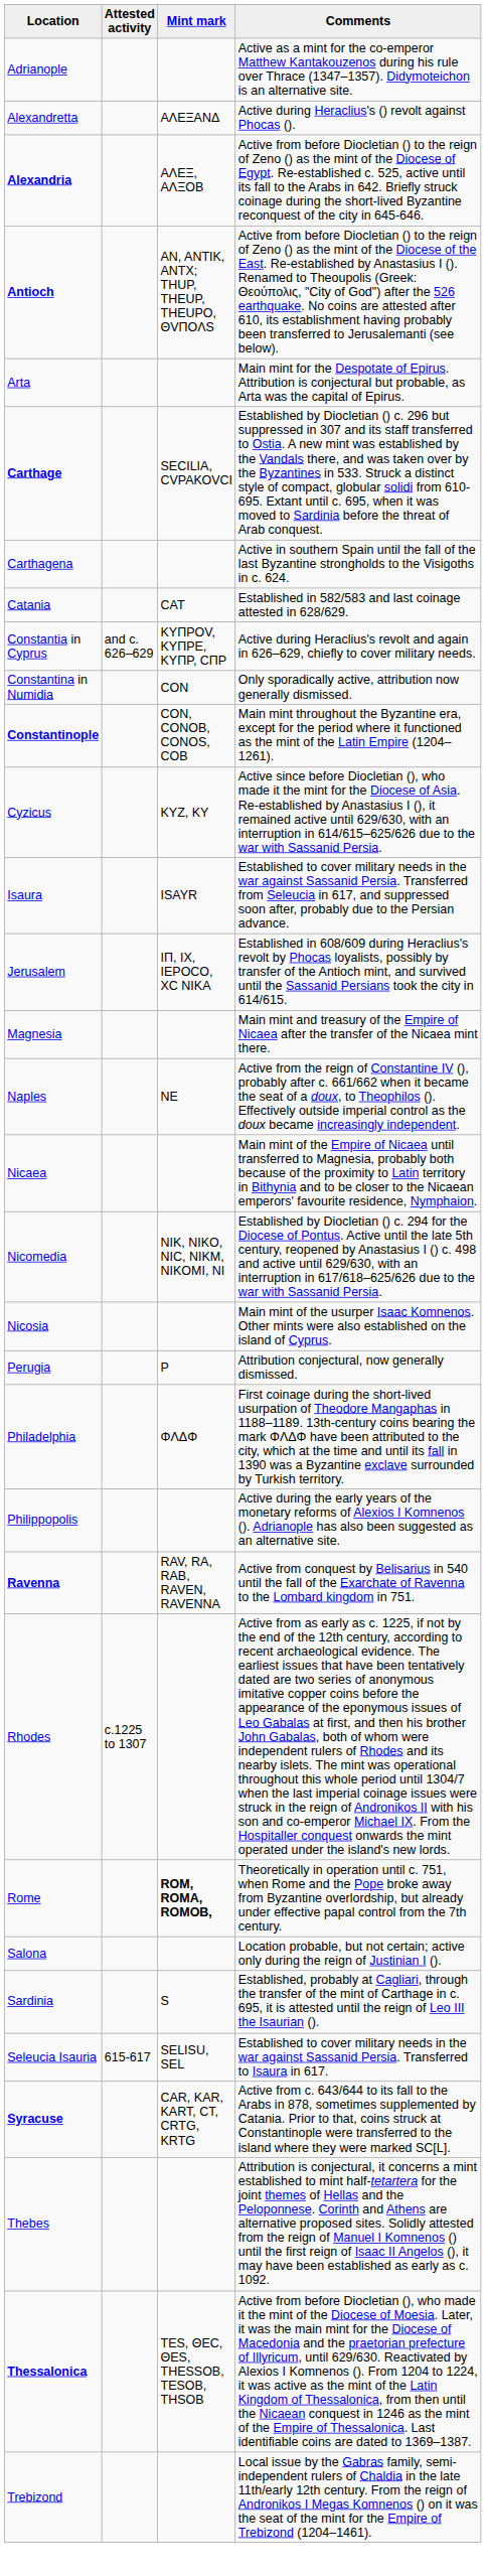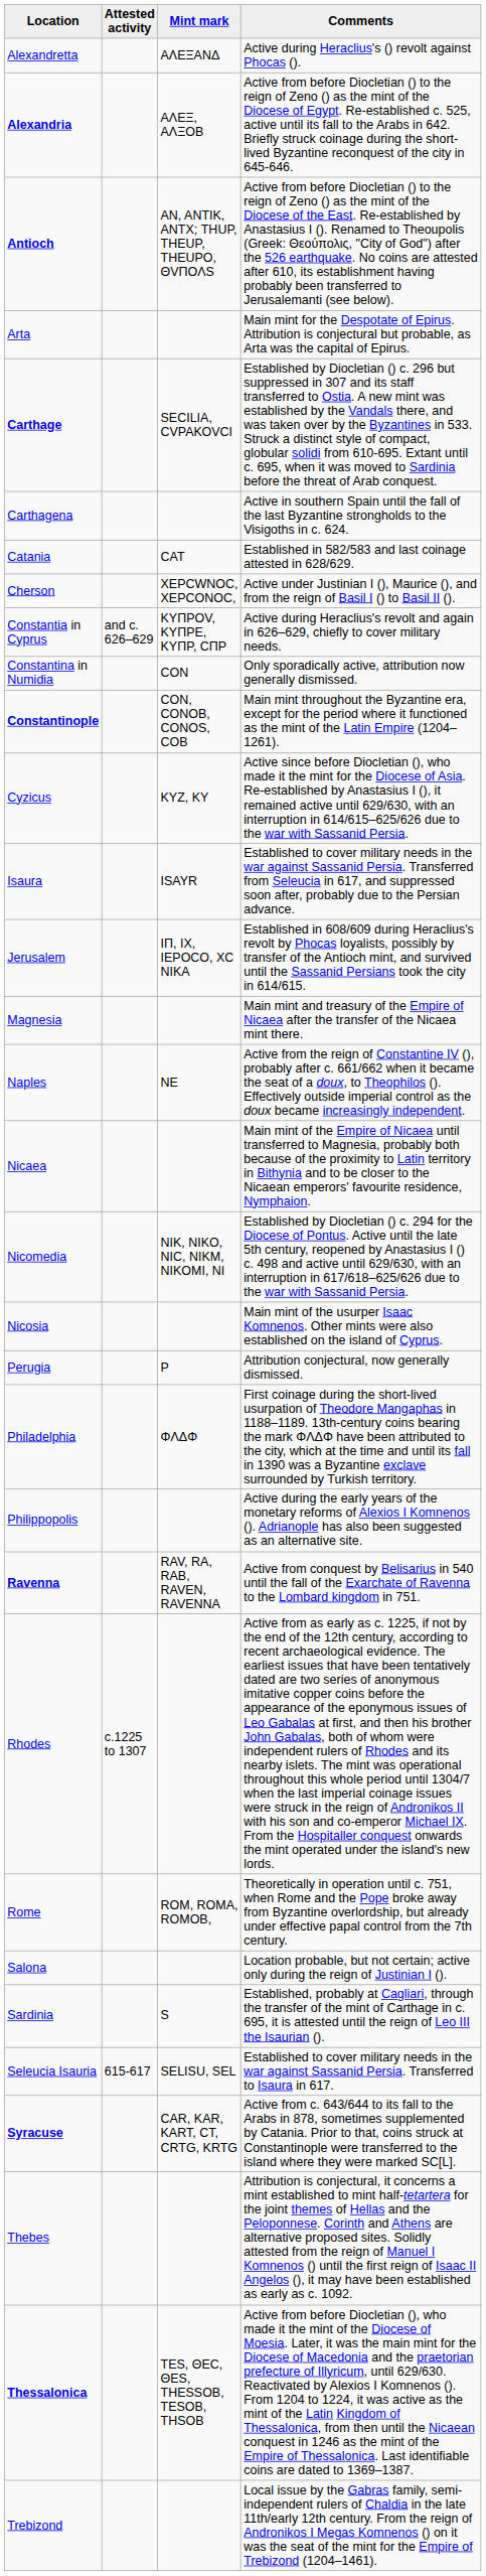 <table class="wikitable sortable">
 <tr ---- align="center">
 <th style="background:#efefef;">Location</th>
 <th style="background:#efefef;">Attested activity</th>
 <th style="background:#efefef;"><a href='#'>Mint mark</a></th>
 <th style="background:#efefef;" width=55%>Comments</th>
-</tr>
-<tr ---- align="left">
-<td><a href='#'>Adrianople</a></td>
-<td></td>
-<td></td>
-<td>Active as a mint for the co-emperor <a href='#'>Matthew Kantakouzenos</a> during his rule over Thrace (1347–1357). <a href='#'>Didymoteichon</a> is an alternative site.</td>
 </tr>
 <tr ---- align="left">
 <td><a href='#'>Alexandretta</a></td>
 <td></td>
 <td>ΑΛΕΞΑΝΔ</td>
 <td>Active during <a href='#'>Heraclius</a>'s () revolt against <a href='#'>Phocas</a> ().</td>
 </tr>
 <tr ---- align="left">
 <td><strong><a href='#'>Alexandria</a></strong></td>
 <td></td>
 <td>ΑΛΕΞ, ΑΛΞΟΒ</td>
 <td>Active from before Diocletian () to the reign of Zeno () as the mint of the <a href='#'>Diocese of Egypt</a>. Re-established c. 525, active until its fall to the Arabs in 642. Briefly struck coinage during the short-lived Byzantine reconquest of the city in 645-646.</td>
 </tr>
 <tr ---- align="left">
 <td><strong><a href='#'>Antioch</a></strong></td>
 <td></td>
 <td>ΑΝ, ΑΝΤΙΚ, ΑΝΤΧ; THUP, THEUP, THEUPO, ΘVΠOΛS</td>
 <td>Active from before Diocletian () to the reign of Zeno () as the mint of the <a href='#'>Diocese of the East</a>. Re-established by Anastasius I (). Renamed to Theoupolis (Greek: Θεούπολις, "City of God") after the <a href='#'>526 earthquake</a>. No coins are attested after 610, its establishment having probably been transferred to Jerusalemanti (see below).</td>
 </tr>
 <tr ---- align="left">
 <td><a href='#'>Arta</a></td>
 <td></td>
 <td></td>
 <td>Main mint for the <a href='#'>Despotate of Epirus</a>. Attribution is conjectural but probable, as Arta was the capital of Epirus.</td>
 </tr>
 <tr ---- align="left">
 <td><strong><a href='#'>Carthage</a></strong></td>
 <td></td>
 <td>SECILIA, CVΡΑΚΟVCI</td>
 <td>Established by Diocletian () c. 296 but suppressed in 307 and its staff transferred to <a href='#'>Ostia</a>. A new mint was established by the <a href='#'>Vandals</a> there, and was taken over by the <a href='#'>Byzantines</a> in 533. Struck a distinct style of compact, globular <a href='#'>solidi</a> from 610-695. Extant until c. 695, when it was moved to <a href='#'>Sardinia</a> before the threat of Arab conquest.</td>
 </tr>
 <tr ---- align="left">
 <td><a href='#'>Carthagena</a></td>
 <td></td>
 <td></td>
 <td>Active in southern Spain until the fall of the last Byzantine strongholds to the Visigoths in c. 624.</td>
 </tr>
 <tr ---- align="left">
 <td><a href='#'>Catania</a></td>
 <td></td>
 <td>CAT</td>
 <td>Established in 582/583 and last coinage attested in 628/629.</td>
+</tr>
+<tr ---- align="left">
+<td><a href='#'>Cherson</a></td>
+<td></td>
+<td>ΧΕΡCWΝΟC, ΧΕΡCΟΝΟC,</td>
+<td>Active under Justinian I (), Maurice (), and from the reign of <a href='#'>Basil I</a> () to <a href='#'>Basil II</a> ().</td>
 </tr>
 <tr ---- align="left">
 <td><a href='#'>Constantia</a> in <a href='#'>Cyprus</a></td>
 <td> and c. 626–629</td>
 <td>ΚΥΠΡΟV, ΚΥΠΡΕ, KYΠΡ, CΠΡ</td>
 <td>Active during Heraclius's revolt and again in 626–629, chiefly to cover military needs.</td>
 </tr>
 <tr ---- align="left">
 <td><a href='#'>Constantina</a> in <a href='#'>Numidia</a></td>
 <td></td>
 <td>CON</td>
 <td>Only sporadically active, attribution now generally dismissed.</td>
 </tr>
 <tr ---- align="left">
 <td><strong><a href='#'>Constantinople</a></strong></td>
 <td></td>
 <td>CON, CONOB, CONOS, COB</td>
 <td>Main mint throughout the Byzantine era, except for the period where it functioned as the mint of the <a href='#'>Latin Empire</a> (1204–1261).</td>
 </tr>
 <tr ---- align="left">
 <td><a href='#'>Cyzicus</a></td>
 <td></td>
 <td>KYZ, KY</td>
 <td>Active since before Diocletian (), who made it the mint for the <a href='#'>Diocese of Asia</a>. Re-established by Anastasius I (), it remained active until 629/630, with an interruption in 614/615–625/626 due to the <a href='#'>war with Sassanid Persia</a>.</td>
 </tr>
 <tr ---- align="left">
 <td><a href='#'>Isaura</a></td>
 <td></td>
 <td>ISAYR</td>
 <td>Established to cover military needs in the <a href='#'>war against Sassanid Persia</a>. Transferred from <a href='#'>Seleucia</a> in 617, and suppressed soon after, probably due to the Persian advance.</td>
 </tr>
 <tr ---- align="left">
 <td><a href='#'>Jerusalem</a></td>
 <td></td>
 <td>ΙΠ, ΙΧ, IEΡOCO, XC NIKA</td>
 <td>Established in 608/609 during Heraclius's revolt by <a href='#'>Phocas</a> loyalists, possibly by transfer of the Antioch mint, and survived until the <a href='#'>Sassanid Persians</a> took the city in 614/615.</td>
 </tr>
 <tr ---- align="left">
 <td><a href='#'>Magnesia</a></td>
 <td></td>
 <td></td>
 <td>Main mint and treasury of the <a href='#'>Empire of Nicaea</a> after the transfer of the Nicaea mint there.</td>
 </tr>
 <tr ---- align="left">
 <td><a href='#'>Naples</a></td>
 <td></td>
 <td>NE</td>
 <td>Active from the reign of <a href='#'>Constantine IV</a> (), probably after c. 661/662 when it became the seat of a <em><a href='#'>doux</a></em>, to <a href='#'>Theophilos</a> (). Effectively outside imperial control as the <em>doux</em> became <a href='#'>increasingly independent</a>.</td>
 </tr>
 <tr ---- align="left">
 <td><a href='#'>Nicaea</a></td>
 <td></td>
 <td></td>
 <td>Main mint of the <a href='#'>Empire of Nicaea</a> until transferred to Magnesia, probably both because of the proximity to <a href='#'>Latin</a> territory in <a href='#'>Bithynia</a> and to be closer to the Nicaean emperors' favourite residence, <a href='#'>Nymphaion</a>.</td>
 </tr>
 <tr ---- align="left">
 <td><a href='#'>Nicomedia</a></td>
 <td></td>
 <td>NIK, NIKO, NIC, NIKM, NIKOMI, NI</td>
 <td>Established by Diocletian () c. 294 for the <a href='#'>Diocese of Pontus</a>. Active until the late 5th century, reopened by Anastasius I () c. 498 and active until 629/630, with an interruption in 617/618–625/626 due to the <a href='#'>war with Sassanid Persia</a>.</td>
 </tr>
 <tr ---- align="left">
 <td><a href='#'>Nicosia</a></td>
 <td></td>
 <td></td>
 <td>Main mint of the usurper <a href='#'>Isaac Komnenos</a>. Other mints were also established on the island of <a href='#'>Cyprus</a>.</td>
 </tr>
 <tr ---- align="left">
 <td><a href='#'>Perugia</a></td>
 <td></td>
 <td>P</td>
 <td>Attribution conjectural, now generally dismissed.</td>
 </tr>
 <tr ---- align="left">
 <td><a href='#'>Philadelphia</a></td>
 <td></td>
 <td>ΦΛΔΦ</td>
 <td>First coinage during the short-lived usurpation of <a href='#'>Theodore Mangaphas</a> in 1188–1189. 13th-century coins bearing the mark ΦΛΔΦ have been attributed to the city, which at the time and until its <a href='#'>fall</a> in 1390 was a Byzantine <a href='#'>exclave</a> surrounded by Turkish territory.</td>
 </tr>
 <tr ---- align="left">
 <td><a href='#'>Philippopolis</a></td>
 <td></td>
 <td></td>
 <td>Active during the early years of the monetary reforms of <a href='#'>Alexios I Komnenos</a> (). <a href='#'>Adrianople</a> has also been suggested as an alternative site.</td>
 </tr>
 <tr ---- align="left">
 <td><strong><a href='#'>Ravenna</a></strong></td>
 <td></td>
 <td>RAV, RA, RAB, RAVEN, RAVENNA</td>
 <td>Active from conquest by <a href='#'>Belisarius</a> in 540 until the fall of the <a href='#'>Exarchate of Ravenna</a> to the <a href='#'>Lombard kingdom</a> in 751.</td>
 </tr>
 <tr ---- align="left">
 <td><a href='#'>Rhodes</a></td>
 <td>c.1225 to 1307</td>
 <td></td>
 <td>Active from as early as c. 1225, if not by the end of the 12th century, according to recent archaeological evidence. The earliest issues that have been tentatively dated are two series of anonymous imitative copper coins before the appearance of the eponymous issues of <a href='#'>Leo Gabalas</a> at first, and then his brother <a href='#'>John Gabalas</a>, both of whom were independent rulers of <a href='#'>Rhodes</a> and its nearby islets. The mint was operational throughout this whole period until 1304/7 when the last imperial coinage issues were struck in the reign of <a href='#'>Andronikos II</a> with his son and co-emperor <a href='#'>Michael IX</a>. From the <a href='#'>Hospitaller conquest</a> onwards the mint operated under the island's new lords.</td>
 </tr>
 <tr ---- align="left">
 <td><a href='#'>Rome</a></td>
 <td></td>
-<td><strong>ROM, ROMA, ROMOB,</strong></td>
+<td>ROM, ROMA, ROMOB,</td>
 <td>Theoretically in operation until c. 751, when Rome and the <a href='#'>Pope</a> broke away from Byzantine overlordship, but already under effective papal control from the 7th century.</td>
 </tr>
 <tr ---- align="left">
 <td><a href='#'>Salona</a></td>
 <td></td>
 <td></td>
 <td>Location probable, but not certain; active only during the reign of <a href='#'>Justinian I</a> ().</td>
 </tr>
 <tr ---- align="left">
 <td><a href='#'>Sardinia</a></td>
 <td></td>
 <td>S</td>
 <td>Established, probably at <a href='#'>Cagliari</a>, through the transfer of the mint of Carthage in c. 695, it is attested until the reign of <a href='#'>Leo III the Isaurian</a> ().</td>
 </tr>
 <tr ---- align="left">
 <td><a href='#'>Seleucia Isauria</a></td>
 <td>615-617</td>
 <td>SELISU, SEL</td>
 <td>Established to cover military needs in the <a href='#'>war against Sassanid Persia</a>. Transferred to <a href='#'>Isaura</a> in 617.</td>
 </tr>
 <tr ---- align="left">
 <td><a href='#'><strong>Syracuse</strong></a></td>
 <td></td>
 <td>CAR, KAR, KART, CT, CRTG, KRTG</td>
 <td>Active from c. 643/644 to its fall to the Arabs in 878, sometimes supplemented by Catania. Prior to that, coins struck at Constantinople were transferred to the island where they were marked SC[L].</td>
 </tr>
 <tr ---- align="left">
 <td><a href='#'>Thebes</a></td>
 <td></td>
 <td></td>
 <td>Attribution is conjectural, it concerns a mint established to mint half-<em><a href='#'>tetartera</a></em> for the joint <a href='#'>themes</a> of <a href='#'>Hellas</a> and the <a href='#'>Peloponnese</a>. <a href='#'>Corinth</a> and <a href='#'>Athens</a> are alternative proposed sites. Solidly attested from the reign of <a href='#'>Manuel I Komnenos</a> () until the first reign of <a href='#'>Isaac II Angelos</a> (), it may have been established as early as c. 1092.</td>
 </tr>
 <tr ---- align="left">
 <td><strong><a href='#'>Thessalonica</a></strong></td>
 <td></td>
 <td>TES, ΘΕC, ΘΕS, THESSOB, TESOB, THSOB</td>
 <td>Active from before Diocletian (), who made it the mint of the <a href='#'>Diocese of Moesia</a>. Later, it was the main mint for the <a href='#'>Diocese of Macedonia</a> and the <a href='#'>praetorian prefecture of Illyricum</a>, until 629/630. Reactivated by Alexios I Komnenos (). From 1204 to 1224, it was active as the mint of the <a href='#'> Latin</a> <a href='#'>Kingdom of Thessalonica</a>, from then until the <a href='#'>Nicaean</a> conquest in 1246 as the mint of the <a href='#'>Empire of Thessalonica</a>. Last identifiable coins are dated to 1369–1387.</td>
 </tr>
 <tr ---- align="left">
 <td><a href='#'>Trebizond</a></td>
 <td></td>
 <td></td>
 <td>Local issue by the <a href='#'>Gabras</a> family, semi-independent rulers of <a href='#'>Chaldia</a> in the late 11th/early 12th century. From the reign of <a href='#'>Andronikos I Megas Komnenos</a> () on it was the seat of the mint for the <a href='#'>Empire of Trebizond</a> (1204–1461).</td>
 </tr>
 </table>
